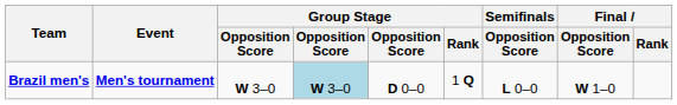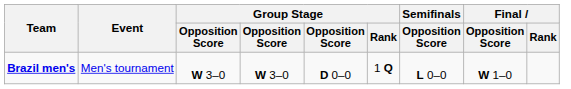 <table class="wikitable" style="font-size:90%;text-align:center">
 <tr>
 <th rowspan="2">Team</th>
 <th rowspan="2">Event</th>
 <th colspan="4">Group Stage</th>
 <th>Semifinals</th>
 <th colspan="2">Final / </th>
 </tr>
 <tr style="font-size:95%">
 <th>Opposition<br>Score</th>
 <th>Opposition<br>Score</th>
 <th>Opposition<br>Score</th>
 <th>Rank</th>
 <th>Opposition<br>Score</th>
 <th>Opposition<br>Score</th>
 <th>Rank</th>
 </tr>
 <tr>
 <td align=left><strong><a href='#'>Brazil men's</a></strong></td>
-<td align=left><strong><a href='#'>Men's tournament</a></strong></td>
+<td align=left><a href='#'>Men's tournament</a></td>
 <td><br><strong>W</strong> 3–0</td>
-<td style="background: lightblue;"><br><strong>W</strong> 3–0</td>
+<td><br><strong>W</strong> 3–0</td>
 <td><br><strong>D</strong> 0–0</td>
 <td>1 <strong>Q</strong></td>
 <td><br><strong>L</strong> 0–0 </td>
 <td><br><strong>W</strong> 1–0</td>
 <td></td>
 </tr>
 </table>
